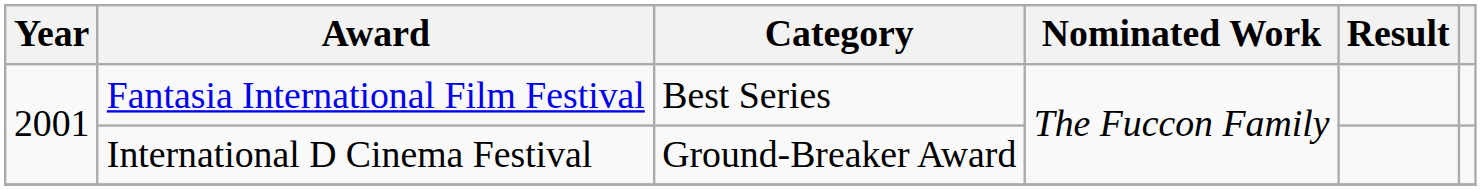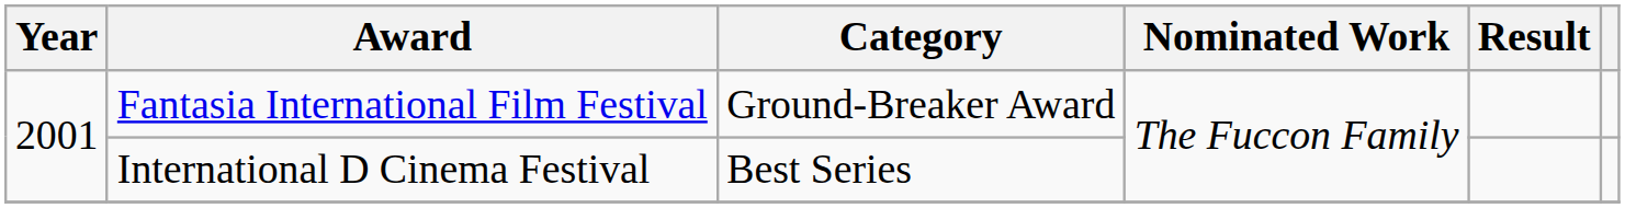 <table class="wikitable sortable">
 <tr>
 <th>Year</th>
 <th>Award</th>
 <th>Category</th>
 <th>Nominated Work</th>
 <th>Result</th>
 <th></th>
 </tr>
 <tr>
 <td rowspan="2">2001</td>
 <td><a href='#'>Fantasia International Film Festival</a></td>
-<td>Best Series</td>
+<td>Ground-Breaker Award</td>
 <td rowspan="2"><em>The Fuccon Family</em></td>
 <td></td>
 <td></td>
 </tr>
 <tr>
 <td>International D Cinema Festival</td>
-<td>Ground-Breaker Award</td>
+<td>Best Series</td>
 <td></td>
 <td></td>
 </tr>
 <tr>
 </tr>
 </table>
